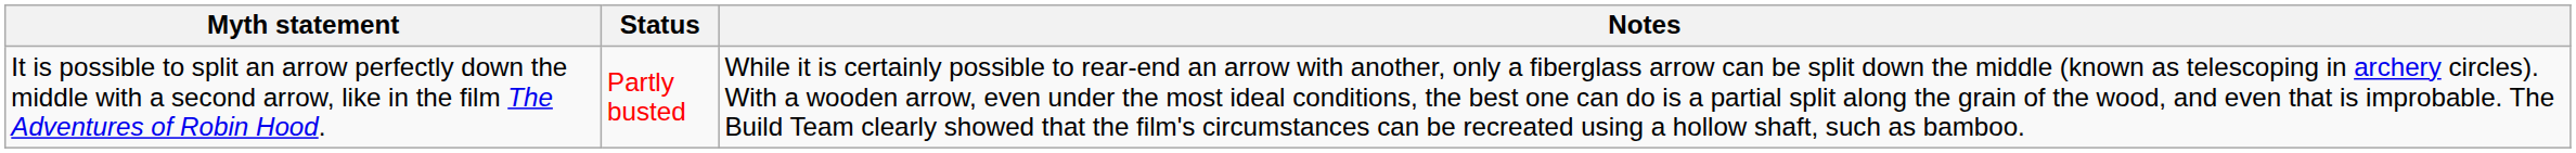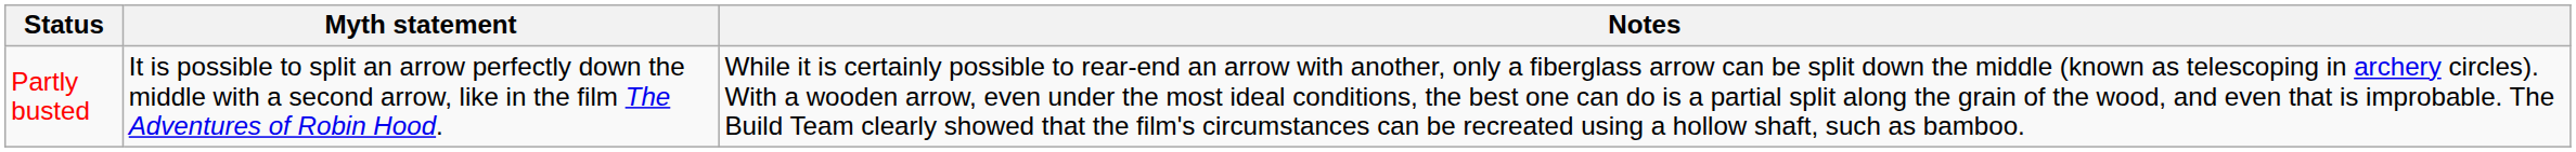 <table class="wikitable plainrowheaders">
 <tr>
+<th>Status</th>
 <th>Myth statement</th>
-<th>Status</th>
 <th>Notes</th>
 </tr>
 <tr>
+<td style="color:red">Partly busted</td>
 <td>It is possible to split an arrow perfectly down the middle with a second arrow, like in the film <em><a href='#'>The Adventures of Robin Hood</a></em>.</td>
-<td style="color:red">Partly busted</td>
 <td>While it is certainly possible to rear-end an arrow with another, only a fiberglass arrow can be split down the middle (known as telescoping in <a href='#'>archery</a> circles). With a wooden arrow, even under the most ideal conditions, the best one can do is a partial split along the grain of the wood, and even that is improbable. The Build Team clearly showed that the film's circumstances can be recreated using a hollow shaft, such as bamboo.</td>
 </tr>
 </table>
